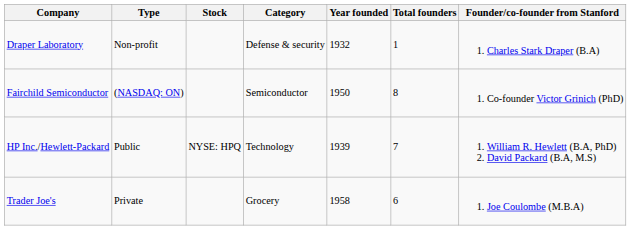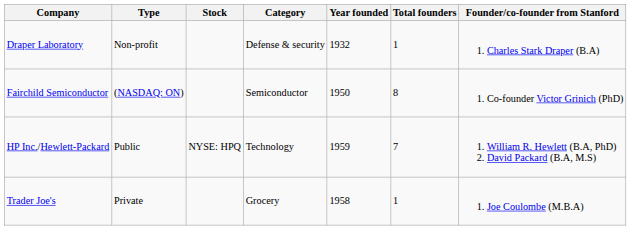 <table class="wikitable sortable">
 <tr>
 <th>Company</th>
 <th>Type</th>
 <th>Stock</th>
 <th>Category</th>
 <th>Year founded</th>
 <th>Total founders</th>
 <th>Founder/co-founder from Stanford</th>
 </tr>
 <tr>
 <td><a href='#'>Draper Laboratory</a></td>
 <td>Non-profit</td>
 <td></td>
 <td>Defense & security</td>
 <td>1932</td>
 <td>1</td>
 <td><br><ol><li><a href='#'>Charles Stark Draper</a> (B.A)</li></ol></td>
 </tr>
 <tr>
 <td><a href='#'>Fairchild Semiconductor</a></td>
 <td>(<a href='#'>NASDAQ: ON</a>)</td>
 <td></td>
 <td>Semiconductor</td>
 <td>1950</td>
 <td>8</td>
 <td><br><ol><li>Co-founder <a href='#'>Victor Grinich</a> (PhD)</li></ol></td>
 </tr>
 <tr>
 <td><a href='#'>HP Inc.</a>/<a href='#'>Hewlett-Packard</a></td>
 <td>Public</td>
 <td>NYSE: HPQ</td>
 <td>Technology</td>
-<td>1939</td>
+<td>1959</td>
 <td>7</td>
 <td><br><ol><li><a href='#'>William R. Hewlett</a> (B.A, PhD)</li><li><a href='#'>David Packard</a> (B.A, M.S)</li></ol></td>
 </tr>
 <tr>
 <td><a href='#'>Trader Joe's</a></td>
 <td>Private</td>
 <td></td>
 <td>Grocery</td>
 <td>1958</td>
-<td>6</td>
+<td>1</td>
 <td><br><ol><li><a href='#'>Joe Coulombe</a> (M.B.A)</li></ol></td>
 </tr>
 </table>
